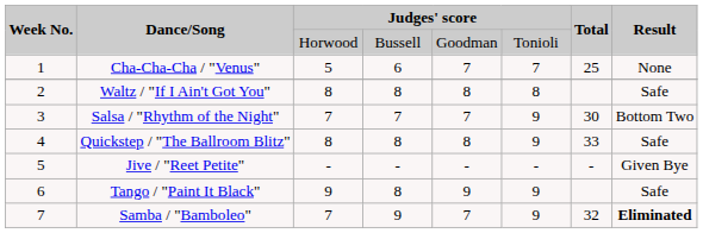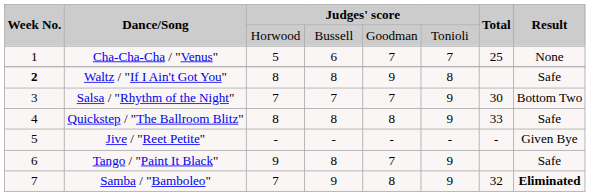 <table class="wikitable collapsible collapsed">
 <tr>
 <th rowspan="2" style="background:#ccc; text-align:Center;">Week No.</th>
 <th rowspan="2" style="background:#ccc; text-align:Center;">Dance/Song</th>
 <th colspan="4" style="background:#ccc; text-align:Center;">Judges' score</th>
 <th rowspan="2" style="background:#ccc; text-align:Center;">Total</th>
 <th rowspan="2" style="background:#ccc; text-align:Center;">Result</th>
 </tr>
 <tr style="text-align:center; background:#ccc;">
 <td style="width:10%; ">Horwood</td>
 <td style="width:10%; ">Bussell</td>
 <td style="width:10%; ">Goodman</td>
 <td style="width:10%; ">Tonioli</td>
 </tr>
 <tr style="text-align:center; background:#faf6f6">
 <td style="text-align:center; background:#faf6f6;">1</td>
 <td style="text-align:center; background:#faf6f6;"><a href='#'>Cha-Cha-Cha</a> / "<a href='#'>Venus</a>"</td>
 <td style="text-align:center; background:#faf6f6;">5</td>
 <td style="text-align:center; background:#faf6f6;">6</td>
 <td style="text-align:center; background:#faf6f6;">7</td>
 <td style="text-align:center; background:#faf6f6;">7</td>
 <td style="text-align:center; background:#faf6f6;">25</td>
 <td style="text-align:center; background:#faf6f6;">None</td>
 </tr>
 <tr>
 </tr>
 <tr>
-<td style="text-align:center; background:#faf6f6;">2</td>
+<td style="text-align:center; background:#faf6f6;"><strong>2</strong></td>
 <td style="text-align:center; background:#faf6f6;"><a href='#'>Waltz</a> / "<a href='#'>If I Ain't Got You</a>"</td>
 <td style="text-align:center; background:#faf6f6;">8</td>
 <td style="text-align:center; background:#faf6f6;">8</td>
-<td style="text-align:center; background:#faf6f6;">8</td>
+<td style="text-align:center; background:#faf6f6;">9</td>
 <td style="text-align:center; background:#faf6f6;">8</td>
 <td style="text-align:center; background:#faf6f6;"></td>
 <td style="text-align:center; background:#faf6f6;">Safe</td>
 </tr>
 <tr>
 <td style="text-align:center; background:#faf6f6;">3</td>
 <td style="text-align:center; background:#faf6f6;"><a href='#'>Salsa</a> / "<a href='#'>Rhythm of the Night</a>"</td>
 <td style="text-align:center; background:#faf6f6;">7</td>
 <td style="text-align:center; background:#faf6f6;">7</td>
 <td style="text-align:center; background:#faf6f6;">7</td>
 <td style="text-align:center; background:#faf6f6;">9</td>
 <td style="text-align:center; background:#faf6f6;">30</td>
 <td style="text-align:center; background:#faf6f6;">Bottom Two</td>
 </tr>
 <tr>
 <td style="text-align:center; background:#faf6f6;">4</td>
 <td style="text-align:center; background:#faf6f6;"><a href='#'>Quickstep</a> / "<a href='#'>The Ballroom Blitz</a>"</td>
 <td style="text-align:center; background:#faf6f6;">8</td>
 <td style="text-align:center; background:#faf6f6;">8</td>
 <td style="text-align:center; background:#faf6f6;">8</td>
 <td style="text-align:center; background:#faf6f6;">9</td>
 <td style="text-align:center; background:#faf6f6;">33</td>
 <td style="text-align:center; background:#faf6f6;">Safe</td>
 </tr>
 <tr>
 <td style="text-align:center; background:#faf6f6;">5</td>
 <td style="text-align:center; background:#faf6f6;"><a href='#'>Jive</a> / "<a href='#'>Reet Petite</a>"</td>
 <td style="text-align:center; background:#faf6f6;">-</td>
 <td style="text-align:center; background:#faf6f6;">-</td>
 <td style="text-align:center; background:#faf6f6;">-</td>
 <td style="text-align:center; background:#faf6f6;">-</td>
 <td style="text-align:center; background:#faf6f6;">-</td>
 <td style="text-align:center; background:#faf6f6;">Given Bye</td>
 </tr>
 <tr>
 <td style="text-align:center; background:#faf6f6;">6</td>
 <td style="text-align:center; background:#faf6f6;"><a href='#'>Tango</a> / "<a href='#'>Paint It Black</a>"</td>
 <td style="text-align:center; background:#faf6f6;">9</td>
 <td style="text-align:center; background:#faf6f6;">8</td>
-<td style="text-align:center; background:#faf6f6;">9</td>
+<td style="text-align:center; background:#faf6f6;">7</td>
 <td style="text-align:center; background:#faf6f6;">9</td>
 <td style="text-align:center; background:#faf6f6;"></td>
 <td style="text-align:center; background:#faf6f6;">Safe</td>
 </tr>
 <tr>
 <td style="text-align:center; background:#faf6f6;">7</td>
 <td style="text-align:center; background:#faf6f6;"><a href='#'>Samba</a> / "<a href='#'>Bamboleo</a>"</td>
 <td style="text-align:center; background:#faf6f6;">7</td>
 <td style="text-align:center; background:#faf6f6;">9</td>
-<td style="text-align:center; background:#faf6f6;">7</td>
+<td style="text-align:center; background:#faf6f6;">8</td>
 <td style="text-align:center; background:#faf6f6;">9</td>
 <td style="text-align:center; background:#faf6f6;">32</td>
 <td style="text-align:center; background:#faf6f6;"><strong>Eliminated</strong></td>
 </tr>
 </table>
